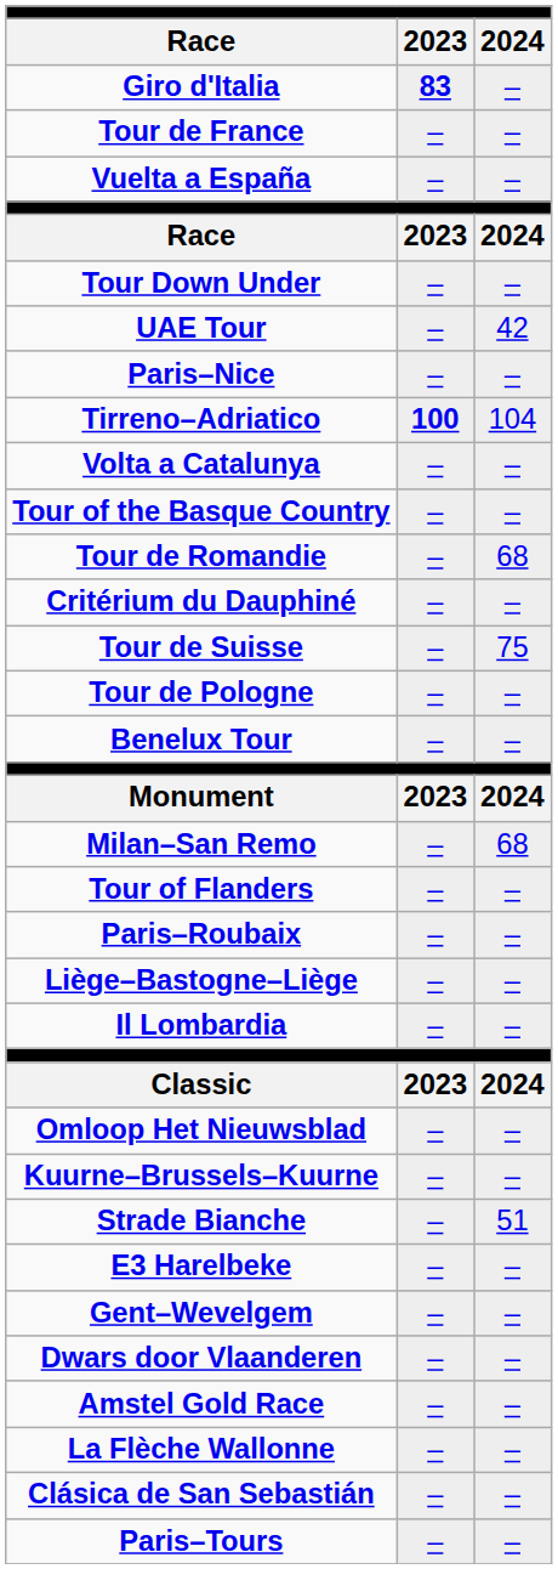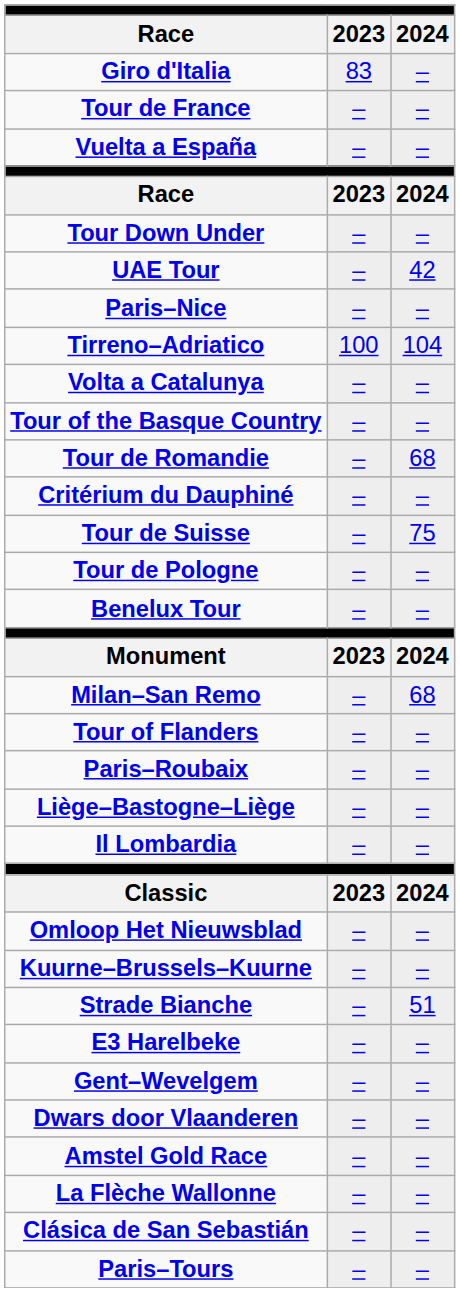 <table class="wikitable">
 <tr>
 <td colspan="33" style="background:#000000;"></td>
 </tr>
 <tr>
 <th>Race</th>
 <th>2023</th>
 <th>2024</th>
 </tr>
 <tr align="center">
 <td><strong><a href='#'>Giro d'Italia</a></strong></td>
-<td style="background:#eee;"><strong><a href='#'>83</a></strong></td>
+<td style="background:#eee;"><a href='#'>83</a></td>
 <td style="background:#eee;"><a href='#'>–</a></td>
 </tr>
 <tr align="center">
 <td><strong><a href='#'>Tour de France</a></strong></td>
 <td style="background:#eee;"><a href='#'>–</a></td>
 <td style="background:#eee;"><a href='#'>–</a></td>
 </tr>
 <tr align="center">
 <td><strong><a href='#'>Vuelta a España</a></strong></td>
 <td style="background:#eee;"><a href='#'>–</a></td>
 <td style="background:#eee;"><a href='#'>–</a></td>
 </tr>
 <tr>
 <td colspan="33" style="background:#000000;"></td>
 </tr>
 <tr>
 <th>Race</th>
 <th>2023</th>
 <th>2024</th>
 </tr>
 <tr align="center">
 <td><strong><a href='#'>Tour Down Under</a></strong></td>
 <td style="background:#eee;"><a href='#'>–</a></td>
 <td style="background:#eee;"><a href='#'>–</a></td>
 </tr>
 <tr align="center">
 <td><strong><a href='#'>UAE Tour</a></strong></td>
 <td style="background:#eee;"><a href='#'>–</a></td>
 <td style="background:#eee;"><a href='#'>42</a></td>
 </tr>
 <tr align="center">
 <td><strong><a href='#'>Paris–Nice</a></strong></td>
 <td style="background:#eee;"><a href='#'>–</a></td>
 <td style="background:#eee;"><a href='#'>–</a></td>
 </tr>
 <tr align="center">
 <td><strong><a href='#'>Tirreno–Adriatico</a></strong></td>
-<td style="background:#eee;"><strong><a href='#'>100</a></strong></td>
+<td style="background:#eee;"><a href='#'>100</a></td>
 <td style="background:#eee;"><a href='#'>104</a></td>
 </tr>
 <tr align="center">
 <td><strong><a href='#'>Volta a Catalunya</a></strong></td>
 <td style="background:#eee;"><a href='#'>–</a></td>
 <td style="background:#eee;"><a href='#'>–</a></td>
 </tr>
 <tr align="center">
 <td><strong><a href='#'>Tour of the Basque Country</a></strong></td>
 <td style="background:#eee;"><a href='#'>–</a></td>
 <td style="background:#eee;"><a href='#'>–</a></td>
 </tr>
 <tr align="center">
 <td><strong><a href='#'>Tour de Romandie</a></strong></td>
 <td style="background:#eee;"><a href='#'>–</a></td>
 <td style="background:#eee;"><a href='#'>68</a></td>
 </tr>
 <tr align="center">
 <td><strong><a href='#'>Critérium du Dauphiné</a></strong></td>
 <td style="background:#eee;"><a href='#'>–</a></td>
 <td style="background:#eee;"><a href='#'>–</a></td>
 </tr>
 <tr align="center">
 <td><strong><a href='#'>Tour de Suisse</a></strong></td>
 <td style="background:#eee;"><a href='#'>–</a></td>
 <td style="background:#eee;"><a href='#'>75</a></td>
 </tr>
 <tr align="center">
 <td><strong><a href='#'>Tour de Pologne</a></strong></td>
 <td style="background:#eee;"><a href='#'>–</a></td>
 <td style="background:#eee;"><a href='#'>–</a></td>
 </tr>
 <tr align="center">
 <td><strong><a href='#'>Benelux Tour</a></strong></td>
 <td style="background:#eee;"><a href='#'>–</a></td>
 <td style="background:#eee;"><a href='#'>–</a></td>
 </tr>
 <tr>
 <td colspan="33" style="background:#000000;"></td>
 </tr>
 <tr>
 <th>Monument</th>
 <th>2023</th>
 <th>2024</th>
 </tr>
 <tr align="center">
 <td><strong><a href='#'>Milan–San Remo</a></strong></td>
 <td style="background:#eee;"><a href='#'>–</a></td>
 <td style="background:#eee;"><a href='#'>68</a></td>
 </tr>
 <tr align="center">
 <td><strong><a href='#'>Tour of Flanders</a></strong></td>
 <td style="background:#eee;"><a href='#'>–</a></td>
 <td style="background:#eee;"><a href='#'>–</a></td>
 </tr>
 <tr align="center">
 <td><strong><a href='#'>Paris–Roubaix</a></strong></td>
 <td style="background:#eee;"><a href='#'>–</a></td>
 <td style="background:#eee;"><a href='#'>–</a></td>
 </tr>
 <tr align="center">
 <td><strong><a href='#'>Liège–Bastogne–Liège</a></strong></td>
 <td style="background:#eee;"><a href='#'>–</a></td>
 <td style="background:#eee;"><a href='#'>–</a></td>
 </tr>
 <tr align="center">
 <td><strong><a href='#'>Il Lombardia</a></strong></td>
 <td style="background:#eee;"><a href='#'>–</a></td>
 <td style="background:#eee;"><a href='#'>–</a></td>
 </tr>
 <tr>
 <td colspan="33" style="background:#000000;"></td>
 </tr>
 <tr>
 <th>Classic</th>
 <th>2023</th>
 <th>2024</th>
 </tr>
 <tr align="center">
 <td><strong><a href='#'>Omloop Het Nieuwsblad</a></strong></td>
 <td style="background:#eee;"><a href='#'>–</a></td>
 <td style="background:#eee;"><a href='#'>–</a></td>
 </tr>
 <tr align="center">
 <td><strong><a href='#'>Kuurne–Brussels–Kuurne</a></strong></td>
 <td style="background:#eee;"><a href='#'>–</a></td>
 <td style="background:#eee;"><a href='#'>–</a></td>
 </tr>
 <tr align="center">
 <td><strong><a href='#'>Strade Bianche</a></strong></td>
 <td style="background:#eee;"><a href='#'>–</a></td>
 <td style="background:#eee;"><a href='#'>51</a></td>
 </tr>
 <tr align="center">
 <td><strong><a href='#'>E3 Harelbeke</a></strong></td>
 <td style="background:#eee;"><a href='#'>–</a></td>
 <td style="background:#eee;"><a href='#'>–</a></td>
 </tr>
 <tr align="center">
 <td><strong><a href='#'>Gent–Wevelgem</a></strong></td>
 <td style="background:#eee;"><a href='#'>–</a></td>
 <td style="background:#eee;"><a href='#'>–</a></td>
 </tr>
 <tr align="center">
 <td><strong><a href='#'>Dwars door Vlaanderen</a></strong></td>
 <td style="background:#eee;"><a href='#'>–</a></td>
 <td style="background:#eee;"><a href='#'>–</a></td>
 </tr>
 <tr align="center">
 <td><strong><a href='#'>Amstel Gold Race</a></strong></td>
 <td style="background:#eee;"><a href='#'>–</a></td>
 <td style="background:#eee;"><a href='#'>–</a></td>
 </tr>
 <tr align="center">
 <td><strong><a href='#'>La Flèche Wallonne</a></strong></td>
 <td style="background:#eee;"><a href='#'>–</a></td>
 <td style="background:#eee;"><a href='#'>–</a></td>
 </tr>
 <tr align="center">
 <td><strong><a href='#'>Clásica de San Sebastián</a></strong></td>
 <td style="background:#eee;"><a href='#'>–</a></td>
 <td style="background:#eee;"><a href='#'>–</a></td>
 </tr>
 <tr align="center">
 <td><strong><a href='#'>Paris–Tours</a></strong></td>
 <td style="background:#eee;"><a href='#'>–</a></td>
 <td style="background:#eee;"><a href='#'>–</a></td>
 </tr>
 </table>
